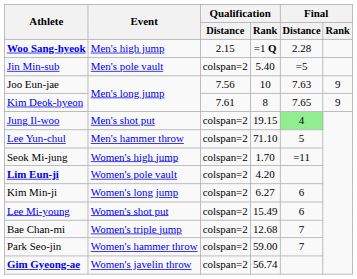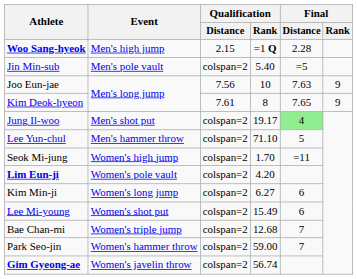 <table class="wikitable" style="font-size:90%; text-align:center;">
 <tr>
 <th rowspan=2>Athlete</th>
 <th rowspan=2>Event</th>
 <th colspan=2>Qualification</th>
 <th colspan=2>Final</th>
 </tr>
 <tr style=font-size:95%>
 <th>Distance</th>
 <th>Rank</th>
 <th>Distance</th>
 <th>Rank</th>
 </tr>
 <tr>
 <td align=left><strong><a href='#'>Woo Sang-hyeok</a></strong></td>
 <td align=left><a href='#'>Men's high jump</a></td>
 <td>2.15</td>
 <td>=1 <strong>Q</strong></td>
 <td>2.28</td>
 <td></td>
 </tr>
 <tr>
 <td align=left><a href='#'>Jin Min-sub</a></td>
 <td align=left><a href='#'>Men's pole vault</a></td>
 <td>colspan=2</td>
 <td>5.40</td>
 <td>=5</td>
 </tr>
 <tr>
 <td align=left>Joo Eun-jae</td>
 <td align=left rowspan=2><a href='#'>Men's long jump</a></td>
 <td>7.56</td>
 <td>10 </td>
 <td>7.63</td>
 <td>9</td>
 </tr>
 <tr>
 <td align=left><a href='#'>Kim Deok-hyeon</a></td>
 <td>7.61</td>
 <td>8 </td>
 <td>7.65</td>
 <td>9</td>
 </tr>
 <tr>
 <td align=left><a href='#'>Jung Il-woo</a></td>
 <td align=left><a href='#'>Men's shot put</a></td>
 <td>colspan=2</td>
-<td>19.15</td>
+<td>19.17</td>
 <td style="background: lightgreen;">4</td>
 </tr>
 <tr>
 <td align=left><a href='#'>Lee Yun-chul</a></td>
 <td align=left><a href='#'>Men's hammer throw</a></td>
 <td>colspan=2</td>
 <td>71.10</td>
 <td>5</td>
 </tr>
 <tr>
 <td align=left>Seok Mi-jung</td>
 <td align=left><a href='#'>Women's high jump</a></td>
 <td>colspan=2</td>
 <td>1.70</td>
 <td>=11</td>
 </tr>
 <tr>
 <td align=left><strong><a href='#'>Lim Eun-ji</a></strong></td>
 <td align=left><a href='#'>Women's pole vault</a></td>
 <td>colspan=2</td>
 <td>4.20</td>
 <td></td>
 </tr>
 <tr>
 <td align=left>Kim Min-ji</td>
 <td align=left><a href='#'>Women's long jump</a></td>
 <td>colspan=2</td>
 <td>6.27</td>
 <td>6</td>
 </tr>
 <tr>
 <td align=left><a href='#'>Lee Mi-young</a></td>
 <td align=left><a href='#'>Women's shot put</a></td>
 <td>colspan=2</td>
 <td>15.49</td>
 <td>6</td>
 </tr>
 <tr>
 <td align=left>Bae Chan-mi</td>
 <td align=left><a href='#'>Women's triple jump</a></td>
 <td>colspan=2</td>
 <td>12.68</td>
 <td>7</td>
 </tr>
 <tr>
 <td align=left>Park Seo-jin</td>
 <td align=left><a href='#'>Women's hammer throw</a></td>
 <td>colspan=2</td>
 <td>59.00</td>
 <td>7</td>
 </tr>
 <tr>
 <td align=left><strong><a href='#'>Gim Gyeong-ae</a></strong></td>
 <td align=left><a href='#'>Women's javelin throw</a></td>
 <td>colspan=2</td>
 <td>56.74</td>
 <td></td>
 </tr>
 </table>
